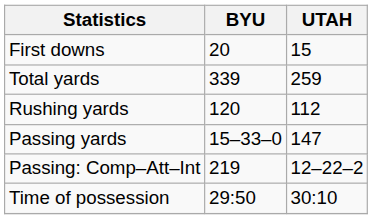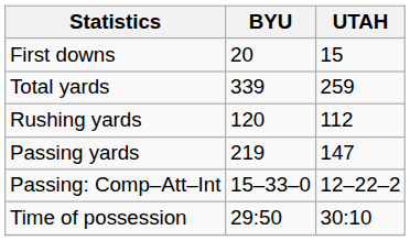 <table class="wikitable" style="float: left;">
 <tr>
 <th>Statistics</th>
 <th>BYU</th>
 <th>UTAH</th>
 </tr>
 <tr>
 <td>First downs</td>
 <td>20</td>
 <td>15</td>
 </tr>
 <tr>
 <td>Total yards</td>
 <td>339</td>
 <td>259</td>
 </tr>
 <tr>
 <td>Rushing yards</td>
 <td>120</td>
 <td>112</td>
 </tr>
 <tr>
 <td>Passing yards</td>
-<td>15–33–0</td>
+<td>219</td>
 <td>147</td>
 </tr>
 <tr>
 <td>Passing: Comp–Att–Int</td>
-<td>219</td>
+<td>15–33–0</td>
 <td>12–22–2</td>
 </tr>
 <tr>
 <td>Time of possession</td>
 <td>29:50</td>
 <td>30:10</td>
 </tr>
 <tr>
 </tr>
 </table>
